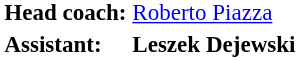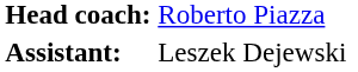 <table>
 <tr>
 <td><strong>Head coach:</strong></td>
 <td> <a href='#'>Roberto Piazza</a></td>
 </tr>
 <tr>
 <td><strong>Assistant:</strong></td>
-<td><strong> Leszek Dejewski</strong></td>
+<td> Leszek Dejewski</td>
 </tr>
 <tr>
 </tr>
 </table>
